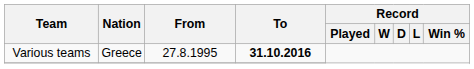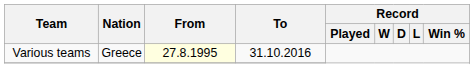 <table class="wikitable" style="text-align: center;">
 <tr>
 <th rowspan="2" width="115">Team</th>
 <th rowspan="2" width="30">Nation</th>
 <th rowspan="2" width="110">From</th>
 <th rowspan="2" width="110">To</th>
 <th colspan="5" width="180">Record</th>
 </tr>
 <tr>
 <th>Played</th>
 <th>W</th>
 <th>D</th>
 <th>L</th>
 <th>Win %</th>
 </tr>
 <tr>
 <td align=center>Various teams</td>
 <td>Greece</td>
-<td align=center>27.8.1995</td>
-<td align=center><strong>31.10.2016<br></strong></td>
+<td align=center style="background: lightyellow;">27.8.1995</td>
+<td align=center>31.10.2016<br></td>
 </tr>
 <tr>
 </tr>
 </table>
